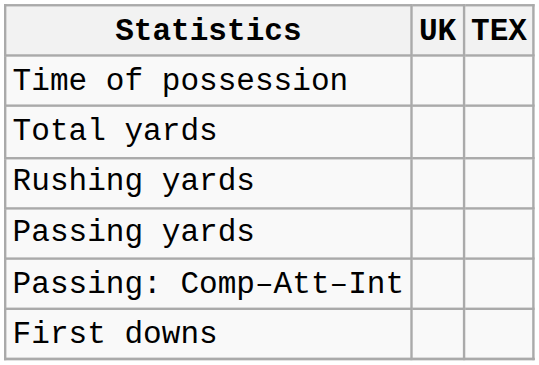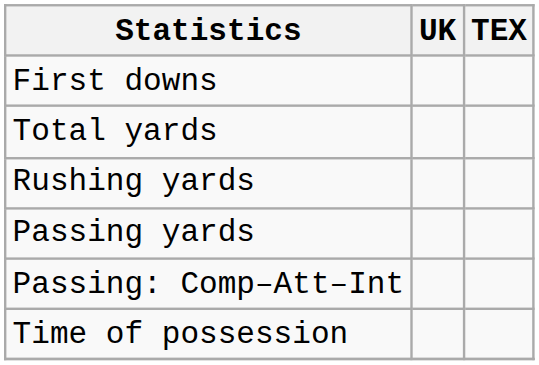 <table class="wikitable" style="float: left;">
 <tr>
 <th>Statistics</th>
 <th>UK</th>
 <th>TEX</th>
 </tr>
 <tr>
-<td>Time of possession</td>
+<td>First downs</td>
 <td></td>
 <td></td>
 </tr>
 <tr>
 <td>Total yards</td>
 <td></td>
 <td></td>
 </tr>
 <tr>
 <td>Rushing yards</td>
 <td></td>
 <td></td>
 </tr>
 <tr>
 <td>Passing yards</td>
 <td></td>
 <td></td>
 </tr>
 <tr>
 <td>Passing: Comp–Att–Int</td>
 <td></td>
 <td></td>
 </tr>
 <tr>
-<td>First downs</td>
+<td>Time of possession</td>
 <td></td>
 <td></td>
 </tr>
 <tr>
 </tr>
 </table>
